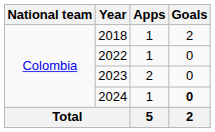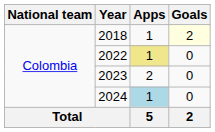 <table class="wikitable" style="text-align:center">
 <tr>
 <th>National team</th>
 <th>Year</th>
 <th>Apps</th>
 <th>Goals</th>
 </tr>
 <tr>
 <td rowspan="4"><a href='#'>Colombia</a></td>
 <td>2018</td>
 <td>1</td>
-<td>2</td>
+<td style="background: lightyellow;">2</td>
 </tr>
 <tr>
 <td>2022</td>
-<td>1</td>
+<td style="background: khaki;">1</td>
 <td>0</td>
 </tr>
 <tr>
 <td>2023</td>
 <td>2</td>
 <td>0</td>
 </tr>
 <tr>
 <td>2024</td>
-<td>1</td>
-<td><strong>0</strong></td>
+<td style="background: lightblue;">1</td>
+<td>0</td>
 </tr>
 <tr>
 <th colspan="2">Total</th>
 <th>5</th>
 <th>2</th>
 </tr>
 </table>
